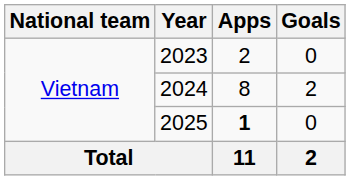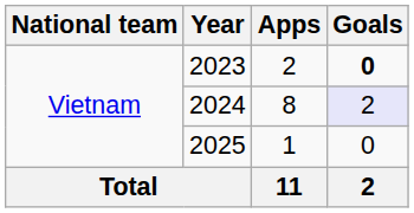 <table class="wikitable" style="text-align: center;">
 <tr>
 <th>National team</th>
 <th>Year</th>
 <th>Apps</th>
 <th>Goals</th>
 </tr>
 <tr>
 <td rowspan=3><a href='#'>Vietnam</a></td>
 <td>2023</td>
 <td>2</td>
-<td>0</td>
+<td><strong>0</strong></td>
 </tr>
 <tr>
 <td>2024</td>
 <td>8</td>
-<td>2</td>
+<td style="background: lavender;">2</td>
 </tr>
 <tr>
 <td>2025</td>
-<td><strong>1</strong></td>
+<td>1</td>
 <td>0</td>
 </tr>
 <tr>
 <th colspan=2>Total</th>
 <th>11</th>
 <th>2</th>
 </tr>
 </table>
